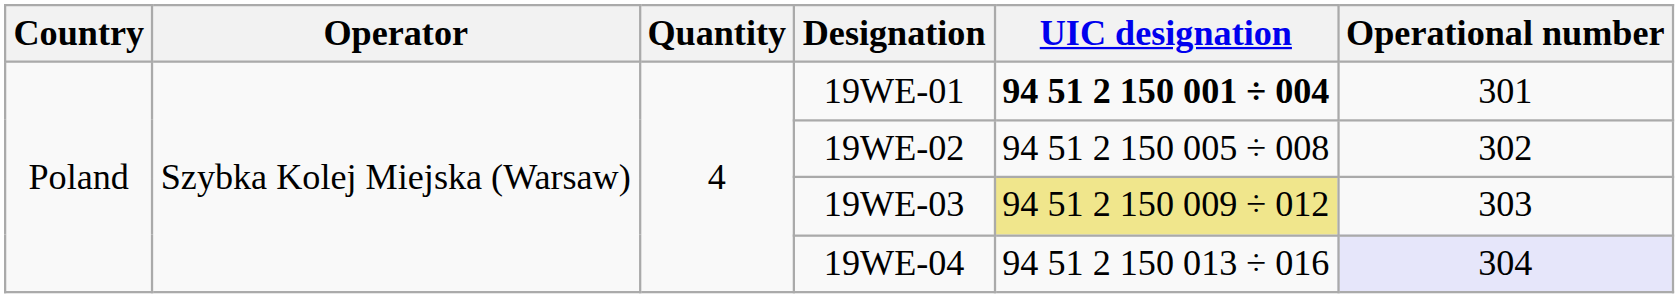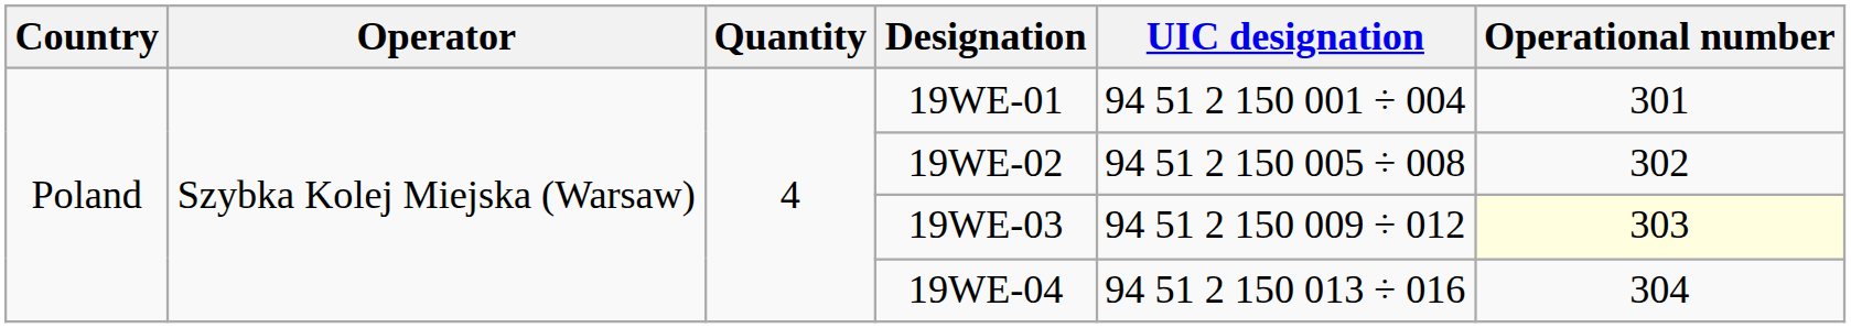 <table class="wikitable" style="text-align:center;">
 <tr>
 <th>Country</th>
 <th>Operator</th>
 <th>Quantity</th>
 <th>Designation</th>
 <th><a href='#'>UIC designation</a></th>
 <th>Operational number</th>
 </tr>
 <tr>
 <td rowspan="4">Poland</td>
 <td rowspan="4">Szybka Kolej Miejska (Warsaw)</td>
 <td rowspan="4">4</td>
 <td>19WE-01</td>
-<td><strong>94 51 2 150 001 ÷ 004</strong></td>
+<td>94 51 2 150 001 ÷ 004</td>
 <td>301</td>
 </tr>
 <tr>
 <td>19WE-02</td>
 <td>94 51 2 150 005 ÷ 008</td>
 <td>302</td>
 </tr>
 <tr>
 <td>19WE-03</td>
-<td style="background: khaki;">94 51 2 150 009 ÷ 012</td>
-<td>303</td>
+<td>94 51 2 150 009 ÷ 012</td>
+<td style="background: lightyellow;">303</td>
 </tr>
 <tr>
 <td>19WE-04</td>
 <td>94 51 2 150 013 ÷ 016</td>
-<td style="background: lavender;">304</td>
+<td>304</td>
 </tr>
 </table>
